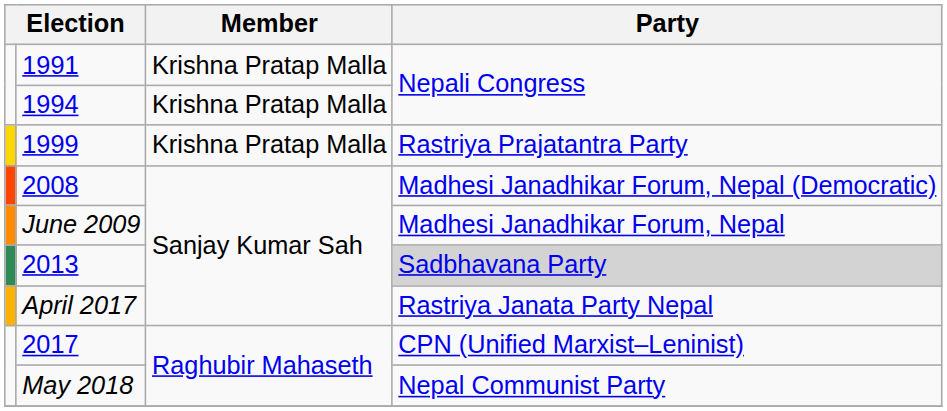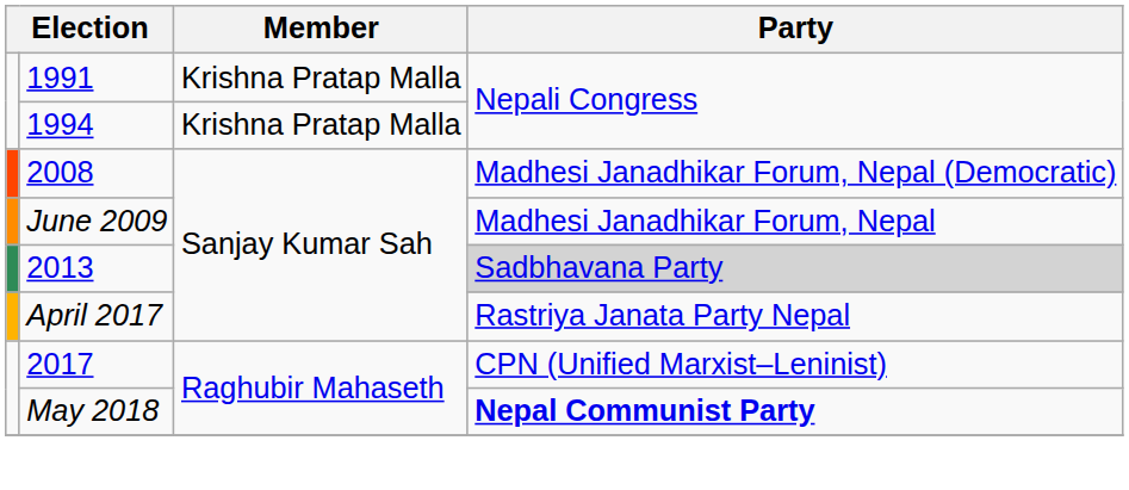 <table class="wikitable">
 <tr>
 <th colspan="2">Election</th>
 <th>Member</th>
 <th>Party</th>
 </tr>
 <tr>
 <td rowspan="2" style="background-color:"></td>
 <td><a href='#'>1991</a></td>
 <td>Krishna Pratap Malla</td>
 <td rowspan="2"><a href='#'>Nepali Congress</a></td>
 </tr>
 <tr>
 <td><a href='#'>1994</a></td>
 <td>Krishna Pratap Malla</td>
-</tr>
-<tr>
-<td style="background-color:gold"></td>
-<td><a href='#'>1999</a></td>
-<td>Krishna Pratap Malla</td>
-<td><a href='#'>Rastriya Prajatantra Party</a></td>
 </tr>
 <tr>
 <td style="background-color:orangered"></td>
 <td><a href='#'>2008</a></td>
 <td rowspan="4">Sanjay Kumar Sah</td>
 <td><a href='#'>Madhesi Janadhikar Forum, Nepal (Democratic)</a></td>
 </tr>
 <tr>
 <td style="background-color:darkorange"></td>
 <td><em>June 2009</em></td>
 <td><a href='#'>Madhesi Janadhikar Forum, Nepal</a></td>
 </tr>
 <tr>
 <td style="background-color:seagreen"></td>
 <td><a href='#'>2013</a></td>
 <td style="background: lightgrey;"><a href='#'>Sadbhavana Party</a></td>
 </tr>
 <tr>
 <td style="background-color:#ffb300"></td>
 <td><em>April 2017</em></td>
 <td><a href='#'>Rastriya Janata Party Nepal</a></td>
 </tr>
 <tr>
 <td rowspan="2" style="background-color:"></td>
 <td><a href='#'>2017</a></td>
 <td rowspan="2"><a href='#'>Raghubir Mahaseth</a></td>
 <td><a href='#'>CPN (Unified Marxist–Leninist)</a></td>
 </tr>
 <tr>
 <td><em>May 2018</em></td>
-<td><a href='#'>Nepal Communist Party</a></td>
+<td><strong><a href='#'>Nepal Communist Party</a></strong></td>
 </tr>
 <tr>
 </tr>
 </table>
